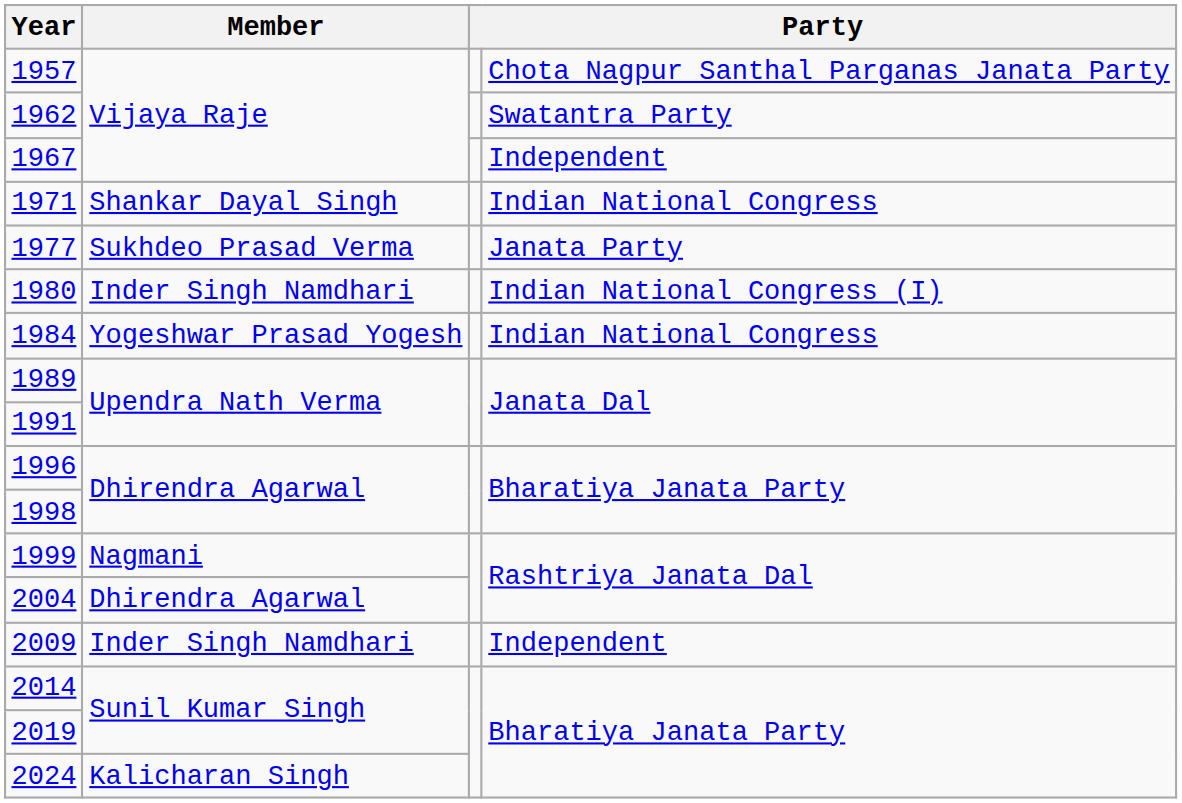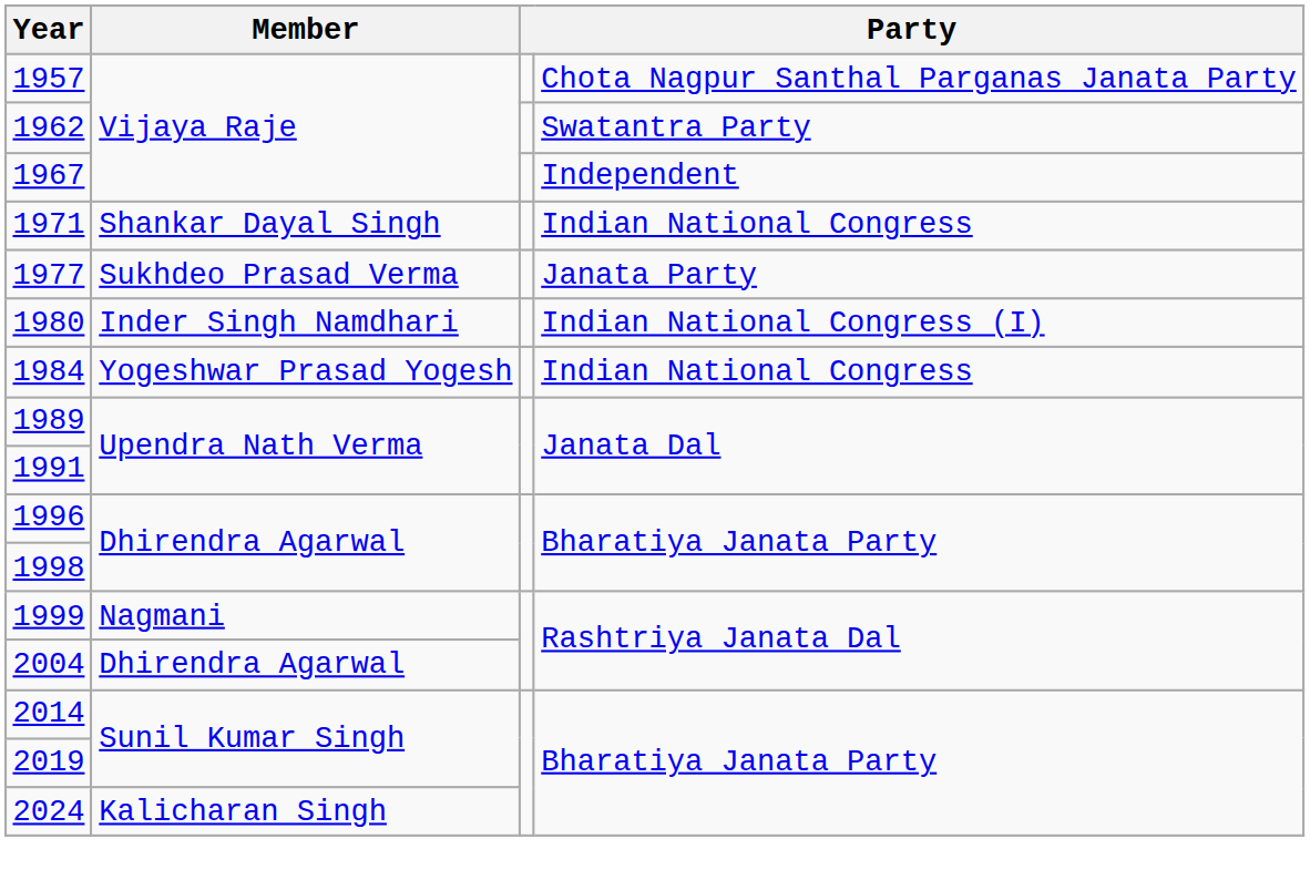 <table class="wikitable">
 <tr>
 <th>Year</th>
 <th>Member</th>
 <th colspan="2">Party</th>
 </tr>
 <tr>
 <td><a href='#'>1957</a></td>
 <td rowspan="3"><a href='#'>Vijaya Raje</a></td>
 <td style="background-color: "></td>
 <td><a href='#'>Chota Nagpur Santhal Parganas Janata Party</a></td>
 </tr>
 <tr>
 <td><a href='#'>1962</a></td>
 <td style="background-color: "></td>
 <td><a href='#'>Swatantra Party</a></td>
 </tr>
 <tr>
 <td><a href='#'>1967</a></td>
 <td style="background-color: "></td>
 <td><a href='#'>Independent</a></td>
 </tr>
 <tr>
 <td><a href='#'>1971</a></td>
 <td><a href='#'>Shankar Dayal Singh</a></td>
 <td style="background-color: "></td>
 <td><a href='#'>Indian National Congress</a></td>
 </tr>
 <tr>
 <td><a href='#'>1977</a></td>
 <td><a href='#'>Sukhdeo Prasad Verma</a></td>
 <td style="background-color: "></td>
 <td><a href='#'>Janata Party</a></td>
 </tr>
 <tr>
 <td><a href='#'>1980</a></td>
 <td><a href='#'>Inder Singh Namdhari</a></td>
 <td style="background-color: "></td>
 <td><a href='#'>Indian National Congress (I)</a></td>
 </tr>
 <tr>
 <td><a href='#'>1984</a></td>
 <td><a href='#'>Yogeshwar Prasad Yogesh</a></td>
 <td style="background-color: "></td>
 <td><a href='#'>Indian National Congress</a></td>
 </tr>
 <tr>
 <td><a href='#'>1989</a></td>
 <td rowspan="2"><a href='#'>Upendra Nath Verma</a></td>
 <td rowspan="2" style="background-color: "></td>
 <td rowspan="2"><a href='#'>Janata Dal</a></td>
 </tr>
 <tr>
 <td><a href='#'>1991</a></td>
 </tr>
 <tr>
 <td><a href='#'>1996</a></td>
 <td rowspan="2"><a href='#'>Dhirendra Agarwal</a></td>
 <td rowspan="2" style="background-color: "></td>
 <td rowspan="2"><a href='#'>Bharatiya Janata Party</a></td>
 </tr>
 <tr>
 <td><a href='#'>1998</a></td>
 </tr>
 <tr>
 <td><a href='#'>1999</a></td>
 <td><a href='#'>Nagmani</a></td>
 <td rowspan="2" style="background-color: "></td>
 <td rowspan="2"><a href='#'>Rashtriya Janata Dal</a></td>
 </tr>
 <tr>
 <td><a href='#'>2004</a></td>
 <td><a href='#'>Dhirendra Agarwal</a></td>
 </tr>
 <tr>
-<td><a href='#'>2009</a></td>
-<td><a href='#'>Inder Singh Namdhari</a></td>
-<td style="background-color: "></td>
-<td><a href='#'>Independent</a></td>
-</tr>
-<tr>
 <td><a href='#'>2014</a></td>
 <td rowspan="2"><a href='#'>Sunil Kumar Singh</a></td>
 <td rowspan="3" style="background-color: "></td>
 <td rowspan="3"><a href='#'>Bharatiya Janata Party</a></td>
 </tr>
 <tr>
 <td><a href='#'>2019</a></td>
 </tr>
 <tr>
 <td><a href='#'>2024</a></td>
 <td><a href='#'>Kalicharan Singh</a></td>
 </tr>
 </table>
